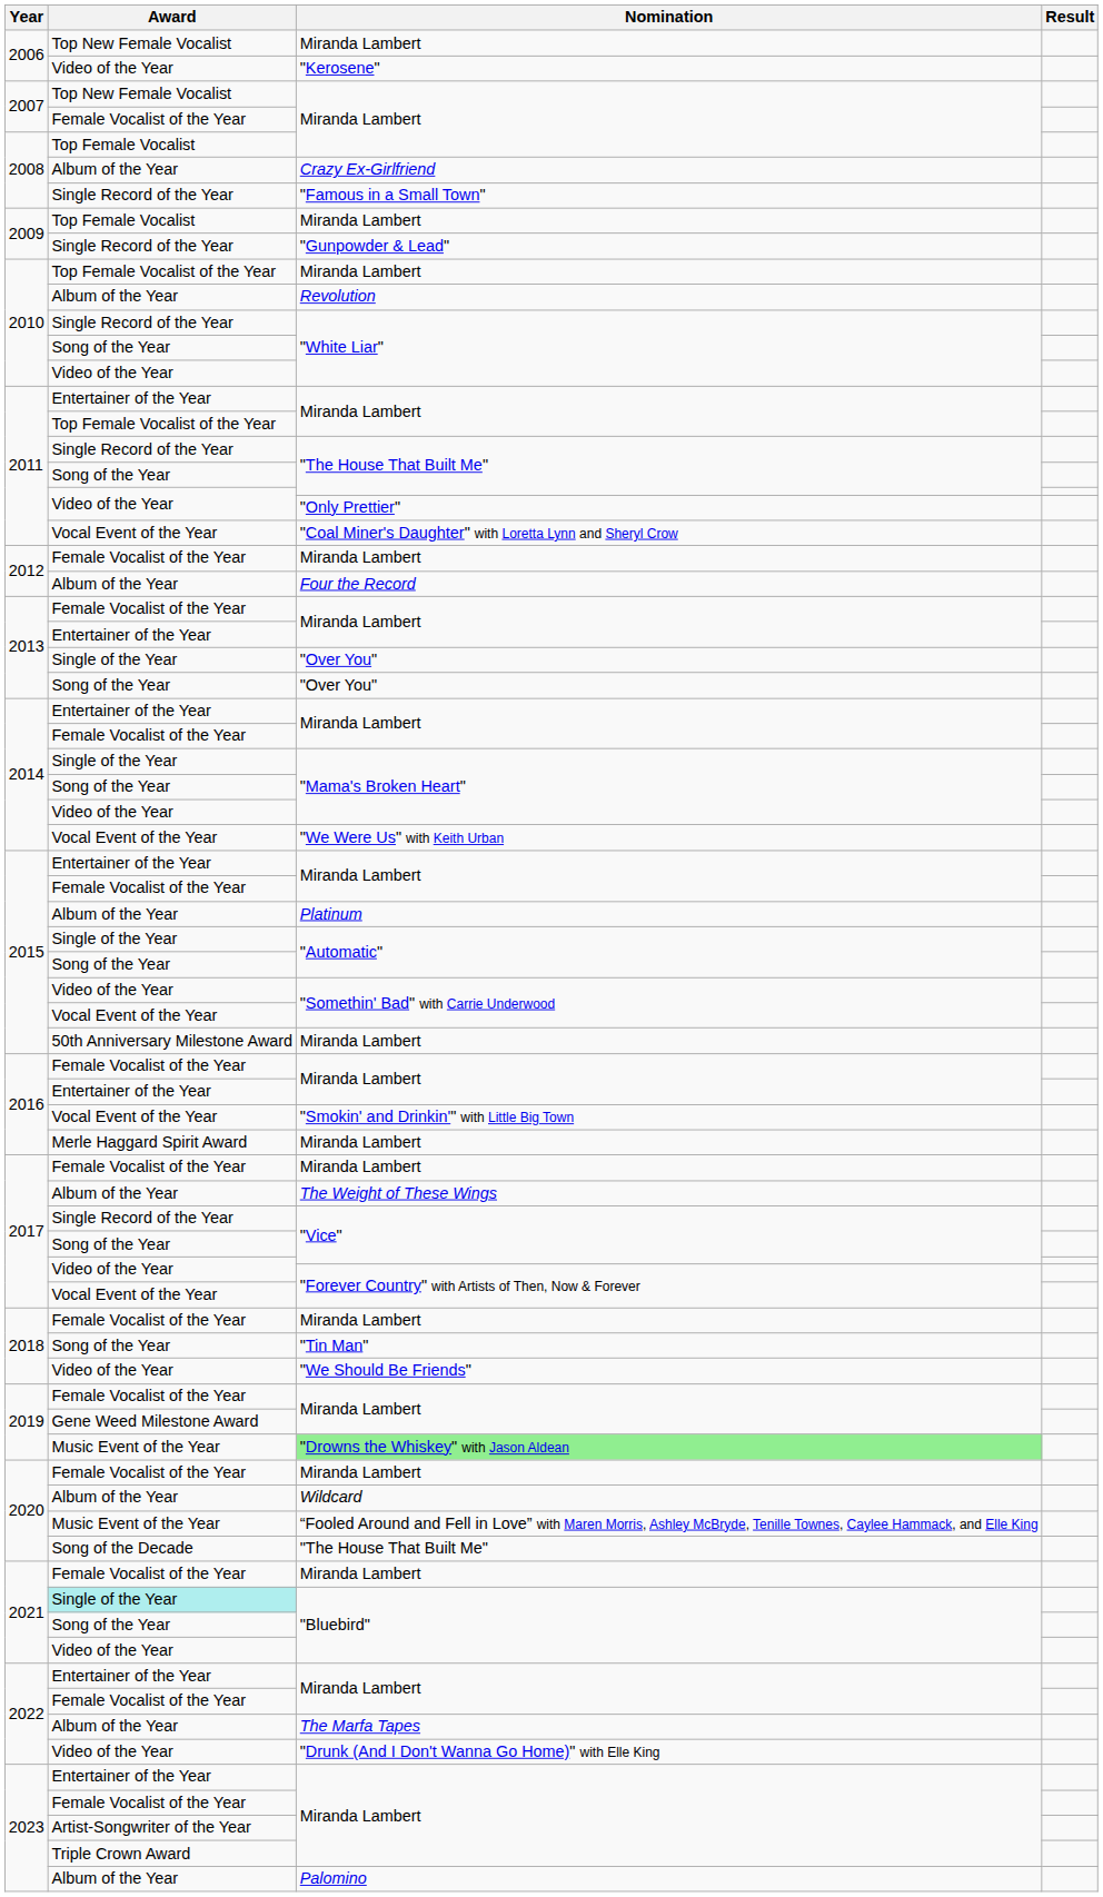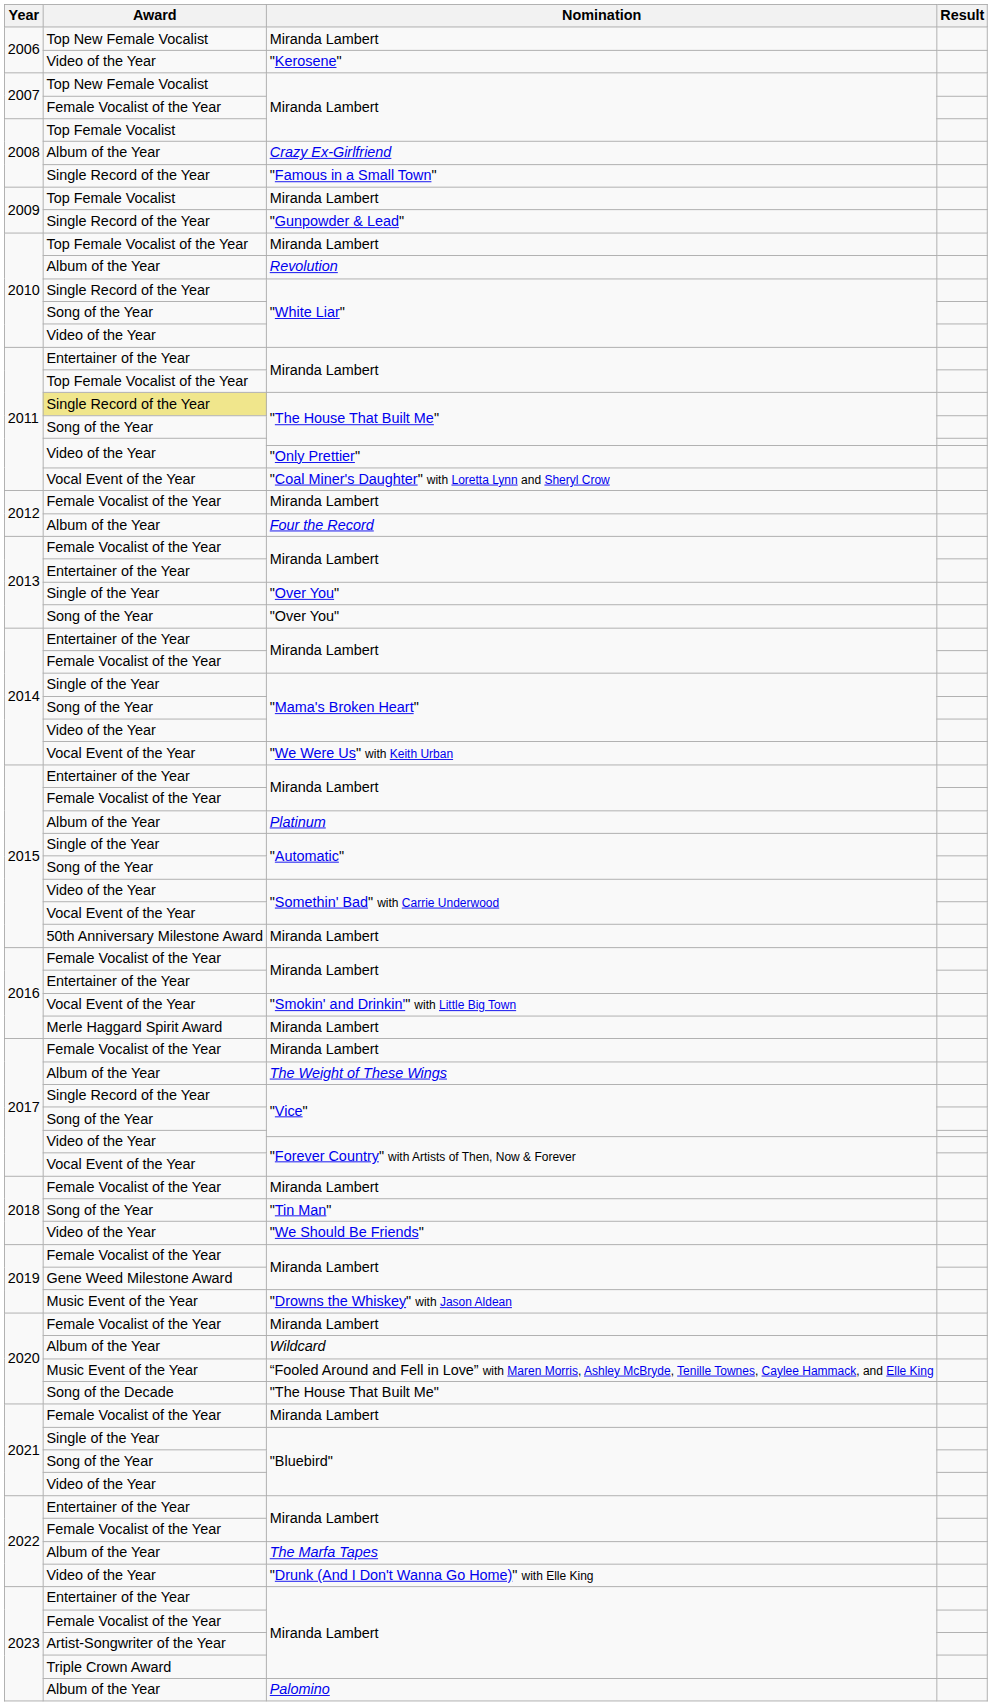 <table class="wikitable">
 <tr>
 <th>Year</th>
 <th>Award</th>
 <th>Nomination</th>
 <th>Result</th>
 </tr>
 <tr>
 <td rowspan="2">2006</td>
 <td>Top New Female Vocalist</td>
 <td>Miranda Lambert</td>
 <td></td>
 </tr>
 <tr>
 <td>Video of the Year</td>
 <td>"<a href='#'>Kerosene</a>"</td>
 <td></td>
 </tr>
 <tr>
 <td rowspan="2">2007</td>
 <td>Top New Female Vocalist</td>
 <td rowspan="3">Miranda Lambert</td>
 <td></td>
 </tr>
 <tr>
 <td>Female Vocalist of the Year</td>
 <td></td>
 </tr>
 <tr>
 <td rowspan="3">2008</td>
 <td>Top Female Vocalist</td>
 <td></td>
 </tr>
 <tr>
 <td>Album of the Year</td>
 <td><em><a href='#'>Crazy Ex-Girlfriend</a></em></td>
 <td></td>
 </tr>
 <tr>
 <td>Single Record of the Year</td>
 <td>"<a href='#'>Famous in a Small Town</a>"</td>
 <td></td>
 </tr>
 <tr>
 <td rowspan="2">2009</td>
 <td>Top Female Vocalist</td>
 <td>Miranda Lambert</td>
 <td></td>
 </tr>
 <tr>
 <td>Single Record of the Year</td>
 <td>"<a href='#'>Gunpowder & Lead</a>"</td>
 <td></td>
 </tr>
 <tr>
 <td rowspan="5">2010</td>
 <td>Top Female Vocalist of the Year</td>
 <td>Miranda Lambert</td>
 <td></td>
 </tr>
 <tr>
 <td>Album of the Year</td>
 <td><em><a href='#'>Revolution</a></em></td>
 <td></td>
 </tr>
 <tr>
 <td>Single Record of the Year</td>
 <td rowspan="3">"<a href='#'>White Liar</a>"</td>
 <td></td>
 </tr>
 <tr>
 <td>Song of the Year</td>
 <td></td>
 </tr>
 <tr>
 <td>Video of the Year</td>
 <td></td>
 </tr>
 <tr>
 <td rowspan="7">2011</td>
 <td>Entertainer of the Year</td>
 <td rowspan="2">Miranda Lambert</td>
 <td></td>
 </tr>
 <tr>
 <td>Top Female Vocalist of the Year</td>
 <td></td>
 </tr>
 <tr>
-<td>Single Record of the Year</td>
+<td style="background: khaki;">Single Record of the Year</td>
 <td rowspan="3">"<a href='#'>The House That Built Me</a>"</td>
 <td></td>
 </tr>
 <tr>
 <td>Song of the Year</td>
 <td></td>
 </tr>
 <tr>
 <td rowspan="2">Video of the Year</td>
 <td></td>
 </tr>
 <tr>
 <td>"<a href='#'>Only Prettier</a>"</td>
 <td></td>
 </tr>
 <tr>
 <td>Vocal Event of the Year</td>
 <td>"<a href='#'>Coal Miner's Daughter</a>" <small>with <a href='#'>Loretta Lynn</a> and <a href='#'>Sheryl Crow</a></small></td>
 <td></td>
 </tr>
 <tr>
 <td rowspan="2">2012</td>
 <td>Female Vocalist of the Year</td>
 <td>Miranda Lambert</td>
 <td></td>
 </tr>
 <tr>
 <td>Album of the Year</td>
 <td><em><a href='#'>Four the Record</a></em></td>
 <td></td>
 </tr>
 <tr>
 <td rowspan="4">2013</td>
 <td>Female Vocalist of the Year</td>
 <td rowspan="2">Miranda Lambert</td>
 <td></td>
 </tr>
 <tr>
 <td>Entertainer of the Year</td>
 <td></td>
 </tr>
 <tr>
 <td>Single of the Year</td>
 <td>"<a href='#'>Over You</a>"</td>
 <td></td>
 </tr>
 <tr>
 <td>Song of the Year</td>
 <td>"Over You"</td>
 <td></td>
 </tr>
 <tr>
 <td rowspan="6">2014</td>
 <td>Entertainer of the Year</td>
 <td rowspan="2">Miranda Lambert</td>
 <td></td>
 </tr>
 <tr>
 <td>Female Vocalist of the Year</td>
 <td></td>
 </tr>
 <tr>
 <td>Single of the Year</td>
 <td rowspan="3">"<a href='#'>Mama's Broken Heart</a>"</td>
 <td></td>
 </tr>
 <tr>
 <td>Song of the Year</td>
 <td></td>
 </tr>
 <tr>
 <td>Video of the Year</td>
 <td></td>
 </tr>
 <tr>
 <td>Vocal Event of the Year</td>
 <td>"<a href='#'>We Were Us</a>" <small>with <a href='#'>Keith Urban</a></small></td>
 <td></td>
 </tr>
 <tr>
 <td rowspan="8">2015</td>
 <td>Entertainer of the Year</td>
 <td rowspan="2">Miranda Lambert</td>
 <td></td>
 </tr>
 <tr>
 <td>Female Vocalist of the Year</td>
 <td></td>
 </tr>
 <tr>
 <td>Album of the Year</td>
 <td><em><a href='#'>Platinum</a></em></td>
 <td></td>
 </tr>
 <tr>
 <td>Single of the Year</td>
 <td rowspan="2">"<a href='#'>Automatic</a>"</td>
 <td></td>
 </tr>
 <tr>
 <td>Song of the Year</td>
 <td></td>
 </tr>
 <tr>
 <td>Video of the Year</td>
 <td rowspan="2">"<a href='#'>Somethin' Bad</a>" <small>with <a href='#'>Carrie Underwood</a></small></td>
 <td></td>
 </tr>
 <tr>
 <td>Vocal Event of the Year</td>
 <td></td>
 </tr>
 <tr>
 <td>50th Anniversary Milestone Award</td>
 <td>Miranda Lambert</td>
 <td></td>
 </tr>
 <tr>
 <td rowspan="4">2016</td>
 <td>Female Vocalist of the Year</td>
 <td rowspan="2">Miranda Lambert</td>
 <td></td>
 </tr>
 <tr>
 <td>Entertainer of the Year</td>
 <td></td>
 </tr>
 <tr>
 <td>Vocal Event of the Year</td>
 <td>"<a href='#'>Smokin' and Drinkin'</a>" <small>with <a href='#'>Little Big Town</a></small></td>
 <td></td>
 </tr>
 <tr>
 <td>Merle Haggard Spirit Award</td>
 <td>Miranda Lambert</td>
 <td></td>
 </tr>
 <tr>
 <td rowspan="7">2017</td>
 <td>Female Vocalist of the Year</td>
 <td>Miranda Lambert</td>
 <td></td>
 </tr>
 <tr>
 <td>Album of the Year</td>
 <td><em><a href='#'>The Weight of These Wings</a></em></td>
 <td></td>
 </tr>
 <tr>
 <td>Single Record of the Year</td>
 <td rowspan="3">"<a href='#'>Vice</a>"</td>
 <td></td>
 </tr>
 <tr>
 <td>Song of the Year</td>
 <td></td>
 </tr>
 <tr>
 <td rowspan="2">Video of the Year</td>
 <td></td>
 </tr>
 <tr>
 <td rowspan="2">"<a href='#'>Forever Country</a>" <small>with Artists of Then, Now & Forever</small></td>
 <td></td>
 </tr>
 <tr>
 <td>Vocal Event of the Year</td>
 <td></td>
 </tr>
 <tr>
 <td rowspan="3">2018</td>
 <td>Female Vocalist of the Year</td>
 <td>Miranda Lambert</td>
 <td></td>
 </tr>
 <tr>
 <td>Song of the Year</td>
 <td>"<a href='#'>Tin Man</a>"</td>
 <td></td>
 </tr>
 <tr>
 <td>Video of the Year</td>
 <td>"<a href='#'>We Should Be Friends</a>"</td>
 <td></td>
 </tr>
 <tr>
 <td rowspan="3">2019</td>
 <td>Female Vocalist of the Year</td>
 <td rowspan=2>Miranda Lambert</td>
 <td></td>
 </tr>
 <tr>
 <td>Gene Weed Milestone Award</td>
 <td></td>
 </tr>
 <tr>
 <td>Music Event of the Year</td>
-<td style="background: lightgreen;">"<a href='#'>Drowns the Whiskey</a>" <small>with <a href='#'>Jason Aldean</a></small></td>
+<td>"<a href='#'>Drowns the Whiskey</a>" <small>with <a href='#'>Jason Aldean</a></small></td>
 <td></td>
 </tr>
 <tr>
 <td rowspan="4">2020</td>
 <td>Female Vocalist of the Year</td>
 <td>Miranda Lambert</td>
 <td></td>
 </tr>
 <tr>
 <td>Album of the Year</td>
 <td><em>Wildcard</em></td>
 <td></td>
 </tr>
 <tr>
 <td>Music Event of the Year</td>
 <td>“Fooled Around and Fell in Love” <small>with <a href='#'>Maren Morris</a>, <a href='#'>Ashley McBryde</a>, <a href='#'>Tenille Townes</a>, <a href='#'>Caylee Hammack</a>, and <a href='#'>Elle King</a></small></td>
 <td></td>
 </tr>
 <tr>
 <td>Song of the Decade</td>
 <td>"The House That Built Me"</td>
 <td></td>
 </tr>
 <tr>
 <td rowspan="4">2021</td>
 <td>Female Vocalist of the Year</td>
 <td>Miranda Lambert</td>
 <td></td>
 </tr>
 <tr>
-<td style="background: paleturquoise;">Single of the Year</td>
+<td>Single of the Year</td>
 <td rowspan="3">"Bluebird"</td>
 <td></td>
 </tr>
 <tr>
 <td>Song of the Year</td>
 <td></td>
 </tr>
 <tr>
 <td>Video of the Year</td>
 <td></td>
 </tr>
 <tr>
 <td rowspan="4">2022</td>
 <td>Entertainer of the Year</td>
 <td rowspan="2">Miranda Lambert</td>
 <td></td>
 </tr>
 <tr>
 <td>Female Vocalist of the Year</td>
 <td></td>
 </tr>
 <tr>
 <td>Album of the Year</td>
 <td><em><a href='#'>The Marfa Tapes</a></em></td>
 <td></td>
 </tr>
 <tr>
 <td>Video of the Year</td>
 <td>"<a href='#'>Drunk (And I Don't Wanna Go Home)</a>" <small>with Elle King</small></td>
 <td></td>
 </tr>
 <tr>
 <td rowspan="5">2023</td>
 <td>Entertainer of the Year</td>
 <td rowspan="4">Miranda Lambert</td>
 <td></td>
 </tr>
 <tr>
 <td>Female Vocalist of the Year</td>
 <td></td>
 </tr>
 <tr>
 <td>Artist-Songwriter of the Year</td>
 <td></td>
 </tr>
 <tr>
 <td>Triple Crown Award</td>
 <td></td>
 </tr>
 <tr>
 <td>Album of the Year</td>
 <td><em><a href='#'>Palomino</a></em></td>
 <td></td>
 </tr>
 </table>
